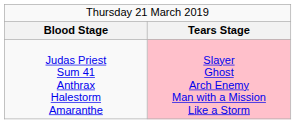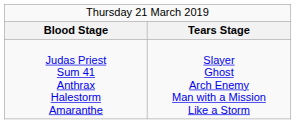 <table class="wikitable">
 <tr>
 <td colspan="4" style="text-align:center;">Thursday 21 March 2019</td>
 </tr>
 <tr>
 <th>Blood Stage</th>
 <th>Tears Stage</th>
 </tr>
 <tr>
 <td style="text-align:center; vertical-align:top; width:200px;"><br><a href='#'>Judas Priest</a><br> <a href='#'>Sum 41</a> <br> <a href='#'>Anthrax</a> <br> <a href='#'>Halestorm</a> <br> <a href='#'>Amaranthe</a> <br></td>
-<td style="background: pink; text-align:center; vertical-align:top; width:200px;"><br><a href='#'>Slayer</a> <br> <a href='#'>Ghost</a> <br> <a href='#'>Arch Enemy</a> <br> <a href='#'>Man with a Mission</a> <br> <a href='#'>Like a Storm</a> <br></td>
+<td style="text-align:center; vertical-align:top; width:200px;"><br><a href='#'>Slayer</a> <br> <a href='#'>Ghost</a> <br> <a href='#'>Arch Enemy</a> <br> <a href='#'>Man with a Mission</a> <br> <a href='#'>Like a Storm</a> <br></td>
 </tr>
 </table>
